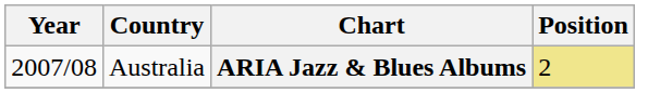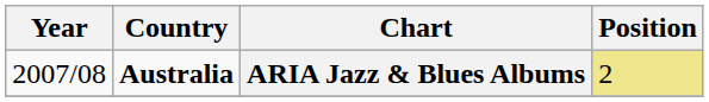 <table class="wikitable">
 <tr>
 <th>Year</th>
 <th>Country</th>
 <th>Chart</th>
 <th>Position</th>
 </tr>
 <tr>
 <td>2007/08</td>
-<td>Australia</td>
+<td><strong>Australia</strong></td>
 <th>ARIA Jazz & Blues Albums</th>
 <td style="background: khaki;">2</td>
 </tr>
 <tr>
 </tr>
 </table>
